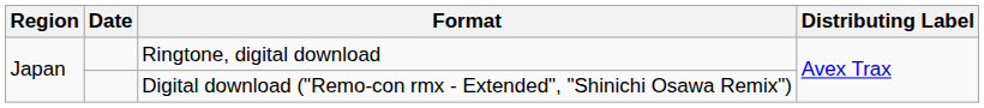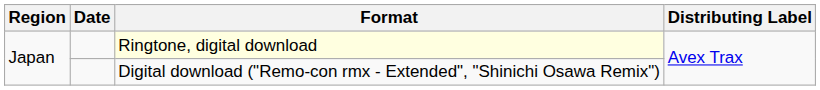 <table class="wikitable">
 <tr>
 <th>Region</th>
 <th>Date</th>
 <th>Format</th>
 <th>Distributing Label</th>
 </tr>
 <tr>
 <td rowspan="2">Japan</td>
 <td></td>
-<td>Ringtone, digital download</td>
+<td style="background: lightyellow;">Ringtone, digital download</td>
 <td rowspan="2"><a href='#'>Avex Trax</a></td>
 </tr>
 <tr>
 <td></td>
 <td>Digital download ("Remo-con rmx - Extended", "Shinichi Osawa Remix")</td>
 </tr>
 </table>
